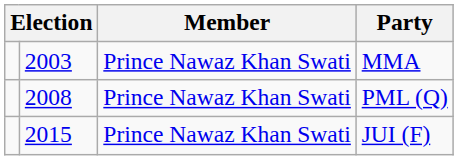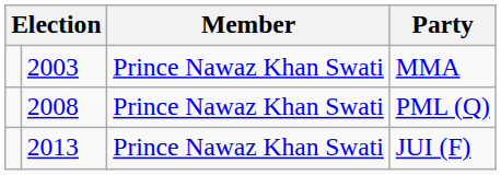 <table class="wikitable">
 <tr>
 <th colspan="2">Election</th>
 <th>Member</th>
 <th>Party</th>
 </tr>
 <tr>
 <td style="background-color: "></td>
 <td><a href='#'>2003</a></td>
 <td><a href='#'>Prince Nawaz Khan Swati</a></td>
 <td><a href='#'>MMA</a></td>
 </tr>
 <tr>
 <td style="background-color: "></td>
 <td><a href='#'>2008</a></td>
 <td><a href='#'>Prince Nawaz Khan Swati</a></td>
 <td><a href='#'>PML (Q)</a></td>
 </tr>
 <tr>
 <td style="background-color: "></td>
-<td><a href='#'>2015</a></td>
+<td><a href='#'>2013</a></td>
 <td><a href='#'>Prince Nawaz Khan Swati</a></td>
 <td><a href='#'>JUI (F)</a></td>
 </tr>
 </table>
